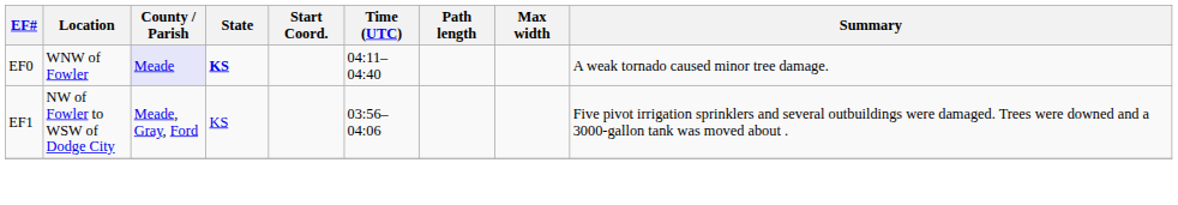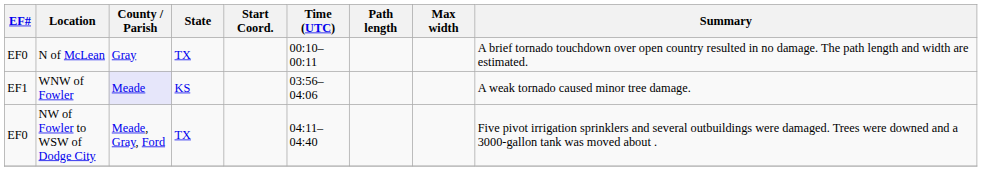 <table class="wikitable sortable" style="width:100%;">
 <tr>
 <th scope="col"  style="width:3%; text-align:center;"><a href='#'>EF#</a></th>
 <th scope="col"  style="width:7%; text-align:center;" class="unsortable">Location</th>
 <th scope="col"  style="width:6%; text-align:center;" class="unsortable">County / Parish</th>
 <th scope="col"  style="width:5%; text-align:center;">State</th>
 <th scope="col"  style="width:6%; text-align:center;">Start Coord.</th>
 <th scope="col"  style="width:6%; text-align:center;">Time (<a href='#'>UTC</a>)</th>
 <th scope="col"  style="width:6%; text-align:center;">Path length</th>
 <th scope="col"  style="width:6%; text-align:center;">Max width</th>
 <th scope="col" class="unsortable" style="width:48%; text-align:center;">Summary</th>
 </tr>
 <tr>
 <td>EF0</td>
+<td>N of <a href='#'>McLean</a></td>
+<td><a href='#'>Gray</a></td>
+<td><a href='#'>TX</a></td>
+<td></td>
+<td>00:10–00:11</td>
+<td></td>
+<td></td>
+<td>A brief tornado touchdown over open country resulted in no damage. The path length and width are estimated.</td>
+</tr>
+<tr>
+<td>EF1</td>
 <td>WNW of <a href='#'>Fowler</a></td>
 <td style="background: lavender;"><a href='#'>Meade</a></td>
-<td><strong><a href='#'>KS</a></strong></td>
+<td><a href='#'>KS</a></td>
 <td></td>
-<td>04:11–04:40</td>
+<td>03:56–04:06</td>
 <td></td>
 <td></td>
 <td>A weak tornado caused minor tree damage.</td>
 </tr>
 <tr>
-<td>EF1</td>
+<td>EF0</td>
 <td>NW of <a href='#'>Fowler</a> to WSW of <a href='#'>Dodge City</a></td>
 <td><a href='#'>Meade</a>, <a href='#'>Gray</a>, <a href='#'>Ford</a></td>
-<td><a href='#'>KS</a></td>
+<td><a href='#'>TX</a></td>
 <td></td>
-<td>03:56–04:06</td>
+<td>04:11–04:40</td>
 <td></td>
 <td></td>
 <td>Five pivot irrigation sprinklers and several outbuildings were damaged. Trees were downed and a 3000-gallon tank was moved about .</td>
 </tr>
 <tr>
 </tr>
 </table>
